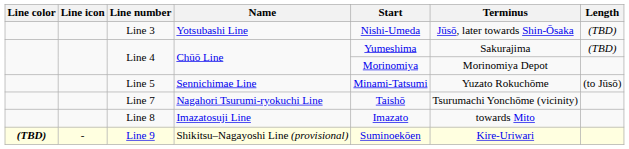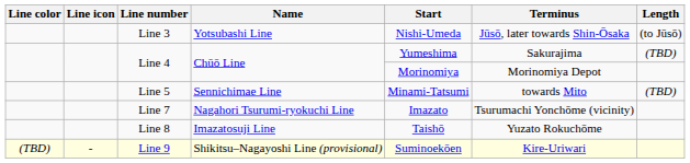 <table class="wikitable sortable" style=margin:auto;font-align:center;text-align:center>
 <tr>
 <th>Line color</th>
 <th>Line icon</th>
 <th>Line number</th>
 <th>Name</th>
 <th>Start</th>
 <th>Terminus</th>
 <th>Length</th>
 </tr>
 <tr>
 <td style="background:#"></td>
 <td style="text-align:center;"></td>
 <td>Line 3</td>
 <td style="text-align:left;"><a href='#'>Yotsubashi Line</a></td>
 <td><a href='#'>Nishi-Umeda</a></td>
 <td><a href='#'>Jūsō</a>, later towards <a href='#'>Shin-Ōsaka</a></td>
-<td><em>(TBD)</em></td>
+<td> (to Jūsō)</td>
 </tr>
 <tr>
 <td rowspan="2" style="background:#"></td>
 <td rowspan="2" style="text-align:center;"></td>
 <td rowspan="2">Line 4</td>
 <td rowspan="2" style="text-align:left;"><a href='#'>Chūō Line</a></td>
 <td><a href='#'>Yumeshima</a></td>
 <td>Sakurajima</td>
 <td><em>(TBD)</em></td>
 </tr>
 <tr>
 <td><a href='#'>Morinomiya</a></td>
 <td>Morinomiya Depot</td>
 <td></td>
 </tr>
 <tr>
 <td style="background:#"></td>
 <td style="text-align:center;"></td>
 <td>Line 5</td>
 <td style="text-align:left;"><a href='#'>Sennichimae Line</a></td>
 <td><a href='#'>Minami-Tatsumi</a></td>
-<td>Yuzato Rokuchōme</td>
-<td> (to Jūsō)</td>
+<td>towards <a href='#'>Mito</a></td>
+<td><em>(TBD)</em></td>
 </tr>
 <tr>
 <td style="background:#"></td>
 <td style="text-align:center;"></td>
 <td>Line 7</td>
 <td style="text-align:left;"><a href='#'>Nagahori Tsurumi-ryokuchi Line</a></td>
-<td><a href='#'>Taishō</a></td>
+<td><a href='#'>Imazato</a></td>
 <td>Tsurumachi Yonchōme (vicinity)</td>
 <td></td>
 </tr>
 <tr>
 <td style="background:#"></td>
 <td style="text-align:center;"></td>
 <td>Line 8</td>
 <td style="text-align:left;"><a href='#'>Imazatosuji Line</a></td>
-<td><a href='#'>Imazato</a></td>
-<td>towards <a href='#'>Mito</a></td>
+<td><a href='#'>Taishō</a></td>
+<td>Yuzato Rokuchōme</td>
 <td></td>
 </tr>
 <tr bgcolor="#FFFFE0">
-<td><strong><em>(TBD)</em></strong></td>
+<td><em>(TBD)</em></td>
 <td style="text-align:center;">-</td>
 <td><a href='#'>Line 9</a></td>
 <td style="text-align:left;">Shikitsu–Nagayoshi Line <em>(provisional)</em></td>
 <td><a href='#'>Suminoekōen</a></td>
 <td><a href='#'>Kire-Uriwari</a></td>
 <td></td>
 </tr>
 </table>
